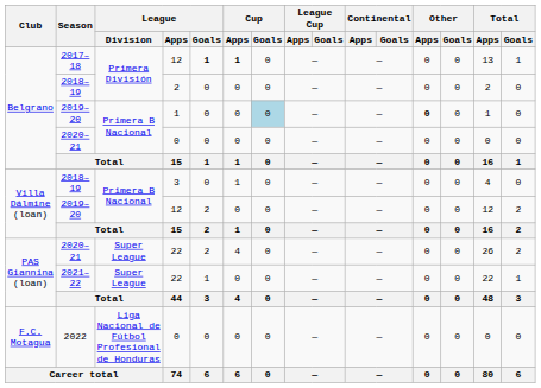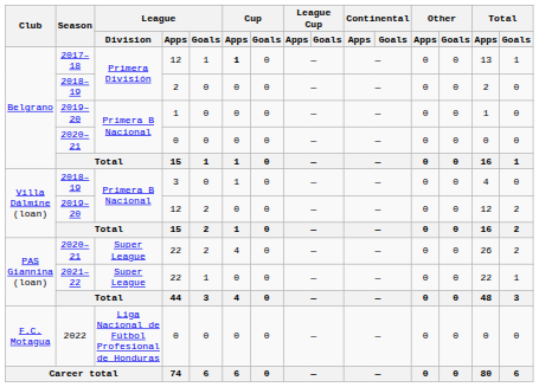 <table class="wikitable" style="text-align:center">
 <tr>
 <th rowspan="2">Club</th>
 <th rowspan="2">Season</th>
 <th colspan="3">League</th>
 <th colspan="2">Cup</th>
 <th colspan="2">League Cup</th>
 <th colspan="2">Continental</th>
 <th colspan="2">Other</th>
 <th colspan="2">Total</th>
 </tr>
 <tr>
 <th>Division</th>
 <th>Apps</th>
 <th>Goals</th>
 <th>Apps</th>
 <th>Goals</th>
 <th>Apps</th>
 <th>Goals</th>
 <th>Apps</th>
 <th>Goals</th>
 <th>Apps</th>
 <th>Goals</th>
 <th>Apps</th>
 <th>Goals</th>
 </tr>
 <tr>
 <td rowspan="5"><a href='#'>Belgrano</a></td>
 <td><a href='#'>2017–18</a></td>
 <td rowspan="2"><a href='#'>Primera División</a></td>
 <td>12</td>
-<td><strong>1</strong></td>
+<td>1</td>
 <td><strong>1</strong></td>
 <td>0</td>
 <td colspan="2">—</td>
 <td colspan="2">—</td>
 <td>0</td>
 <td>0</td>
 <td>13</td>
 <td>1</td>
 </tr>
 <tr>
 <td><a href='#'>2018–19</a></td>
 <td>2</td>
 <td>0</td>
 <td>0</td>
 <td>0</td>
 <td colspan="2">—</td>
 <td colspan="2">—</td>
 <td>0</td>
 <td>0</td>
 <td>2</td>
 <td>0</td>
 </tr>
 <tr>
 <td><a href='#'>2019–20</a></td>
 <td rowspan="2"><a href='#'>Primera B Nacional</a></td>
 <td>1</td>
 <td>0</td>
 <td>0</td>
-<td style="background: lightblue;">0</td>
+<td>0</td>
 <td colspan="2">—</td>
 <td colspan="2">—</td>
-<td><strong>0</strong></td>
+<td>0</td>
 <td>0</td>
 <td>1</td>
 <td>0</td>
 </tr>
 <tr>
 <td><a href='#'>2020–21</a></td>
 <td>0</td>
 <td>0</td>
 <td>0</td>
 <td>0</td>
 <td colspan="2">—</td>
 <td colspan="2">—</td>
 <td>0</td>
 <td>0</td>
 <td>0</td>
 <td>0</td>
 </tr>
 <tr>
 <th colspan="2">Total</th>
 <th>15</th>
 <th>1</th>
 <th>1</th>
 <th>0</th>
 <th colspan="2">—</th>
 <th colspan="2">—</th>
 <th>0</th>
 <th>0</th>
 <th>16</th>
 <th>1</th>
 </tr>
 <tr>
 <td rowspan="3"><a href='#'>Villa Dálmine</a> (loan)</td>
 <td><a href='#'>2018–19</a></td>
 <td rowspan="2"><a href='#'>Primera B Nacional</a></td>
 <td>3</td>
 <td>0</td>
 <td>1</td>
 <td>0</td>
 <td colspan="2">—</td>
 <td colspan="2">—</td>
 <td>0</td>
 <td>0</td>
 <td>4</td>
 <td>0</td>
 </tr>
 <tr>
 <td><a href='#'>2019–20</a></td>
 <td>12</td>
 <td>2</td>
 <td>0</td>
 <td>0</td>
 <td colspan="2">—</td>
 <td colspan="2">—</td>
 <td>0</td>
 <td>0</td>
 <td>12</td>
 <td>2</td>
 </tr>
 <tr>
 <th colspan="2">Total</th>
 <th>15</th>
 <th>2</th>
 <th>1</th>
 <th>0</th>
 <th colspan="2">—</th>
 <th colspan="2">—</th>
 <th>0</th>
 <th>0</th>
 <th>16</th>
 <th>2</th>
 </tr>
 <tr>
 <td rowspan="3"><a href='#'>PAS Giannina</a> (loan)</td>
 <td><a href='#'>2020–21</a></td>
 <td rowspan="1"><a href='#'>Super League</a></td>
 <td>22</td>
 <td>2</td>
 <td>4</td>
 <td>0</td>
 <td colspan="2">—</td>
 <td colspan="2">—</td>
 <td>0</td>
 <td>0</td>
 <td>26</td>
 <td>2</td>
 </tr>
 <tr>
 <td><a href='#'>2021–22</a></td>
 <td rowspan="1"><a href='#'>Super League</a></td>
 <td>22</td>
 <td>1</td>
 <td>0</td>
 <td>0</td>
 <td colspan="2">—</td>
 <td colspan="2">—</td>
 <td>0</td>
 <td>0</td>
 <td>22</td>
 <td>1</td>
 </tr>
 <tr>
 <th colspan="2">Total</th>
 <th>44</th>
 <th>3</th>
 <th>4</th>
 <th>0</th>
 <th colspan="2">—</th>
 <th colspan="2">—</th>
 <th>0</th>
 <th>0</th>
 <th>48</th>
 <th>3</th>
 </tr>
 <tr>
 <td><a href='#'>F.C. Motagua</a></td>
 <td>2022</td>
 <td><a href='#'>Liga Nacional de Fútbol Profesional de Honduras</a></td>
 <td>0</td>
 <td>0</td>
 <td>0</td>
 <td>0</td>
 <td colspan="2">—</td>
 <td colspan="2">—</td>
 <td>0</td>
 <td>0</td>
 <td>0</td>
 <td>0</td>
 </tr>
 <tr>
 <th colspan="3">Career total</th>
 <th>74</th>
 <th>6</th>
 <th>6</th>
 <th>0</th>
 <th colspan="2">—</th>
 <th colspan="2">—</th>
 <th>0</th>
 <th>0</th>
 <th>80</th>
 <th>6</th>
 </tr>
 </table>
